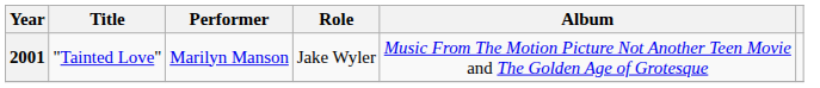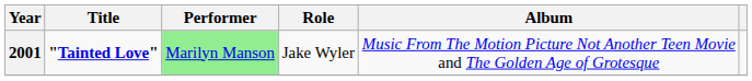 <table class="wikitable plainrowheaders" style="text-align:center;">
 <tr>
 <th scope="col">Year</th>
 <th scope="col">Title</th>
 <th scope="col">Performer</th>
 <th scope="col">Role</th>
 <th scope="col">Album</th>
 <th scope="col" class="unsortable"></th>
 </tr>
 <tr>
 <th scope="row">2001</th>
-<td>"<a href='#'>Tainted Love</a>"</td>
-<td><a href='#'>Marilyn Manson</a></td>
+<td><strong>"<a href='#'>Tainted Love</a>"</strong></td>
+<td style="background: lightgreen;"><a href='#'>Marilyn Manson</a></td>
 <td>Jake Wyler</td>
 <td><em><a href='#'>Music From The Motion Picture Not Another Teen Movie</a></em><br> and <em><a href='#'>The Golden Age of Grotesque</a></em></td>
 <td></td>
 </tr>
 <tr>
 </tr>
 </table>
